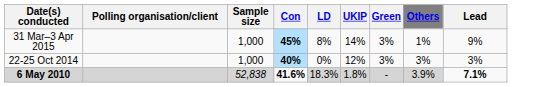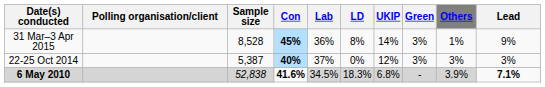 <table class="wikitable sortable" style="text-align:center;font-size:90%;line-height:14px">
 <tr>
 <th ! style="width:105px;">Date(s)<br>conducted</th>
 <th style="width:200px;">Polling organisation/client</th>
 <th class="unsortable" style="width:60px;">Sample size</th>
 <th class="unsortable" style="background:"><a href='#'><span>Con</span></a></th>
+<th class="unsortable" style="background:"><a href='#'><span>Lab</span></a></th>
 <th class="unsortable" style="background:"><a href='#'><span>LD</span></a></th>
 <th class="unsortable" style="background:"><a href='#'><span>UKIP</span></a></th>
 <th class="unsortable" style="background:"><a href='#'><span>Green</span></a></th>
 <th class="unsortable" style="background:gray; width:50px;"><a href='#'><span>Others</span></a></th>
 <th class="unsortable" style="width:85px;">Lead</th>
 </tr>
 <tr>
 <td>31 Mar–3 Apr 2015</td>
 <td></td>
-<td>1,000</td>
+<td>8,528</td>
 <td style="background:#B3E0FF"><strong>45%</strong></td>
+<td>36%</td>
 <td>8%</td>
 <td>14%</td>
 <td>3%</td>
 <td>1%</td>
 <td style="background:">9%</td>
 </tr>
 <tr>
 <td>22-25 Oct 2014</td>
 <td></td>
-<td>1,000</td>
+<td>5,387</td>
 <td style="background:#B3E0FF"><strong>40%</strong></td>
+<td>37%</td>
 <td>0%</td>
 <td>12%</td>
 <td>3%</td>
 <td>3%</td>
 <td style="background:">3%</td>
 </tr>
 <tr>
 <td style="background:#D5D5D5"><strong>6 May 2010</strong></td>
 <td style="background:#D5D5D5"></td>
 <td style="background:#D5D5D5"><em>52,838</em></td>
 <td style="background:"><strong>41.6%</strong></td>
+<td style="background:#D5D5D5">34.5%</td>
 <td style="background:#D5D5D5">18.3%</td>
-<td style="background:#D5D5D5">1.8%</td>
+<td style="background:#D5D5D5">6.8%</td>
 <td style="background:#D5D5D5">-</td>
 <td style="background:#D5D5D5">3.9%</td>
 <td style="background:"><strong>7.1% </strong></td>
 </tr>
 </table>
